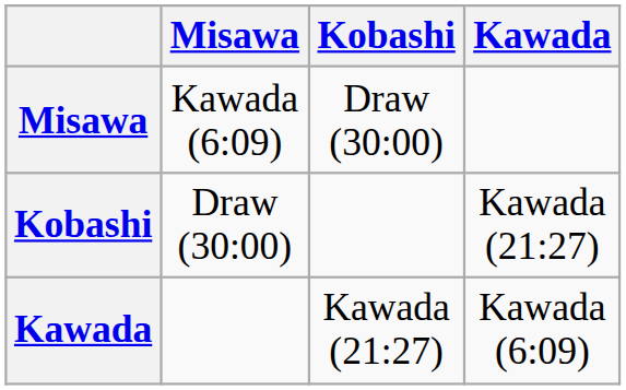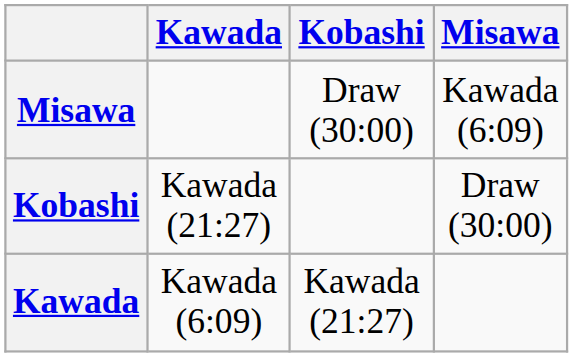 <table class="wikitable" style="margin: 1em auto 1em auto; text-align:center;">
 <tr>
 <th></th>
+<th><a href='#'>Kawada</a></th>
+<th><a href='#'>Kobashi</a></th>
 <th><a href='#'>Misawa</a></th>
-<th><a href='#'>Kobashi</a></th>
-<th><a href='#'>Kawada</a></th>
 </tr>
 <tr>
 <th><a href='#'>Misawa</a></th>
+<td></td>
+<td>Draw<br>(30:00)</td>
 <td>Kawada<br>(6:09)</td>
-<td>Draw<br>(30:00)</td>
-<td></td>
 </tr>
 <tr>
 <th><a href='#'>Kobashi</a></th>
+<td>Kawada<br>(21:27)</td>
+<td></td>
 <td>Draw<br>(30:00)</td>
-<td></td>
-<td>Kawada<br>(21:27)</td>
 </tr>
 <tr>
 <th><a href='#'>Kawada</a></th>
+<td>Kawada<br>(6:09)</td>
+<td>Kawada<br>(21:27)</td>
 <td></td>
-<td>Kawada<br>(21:27)</td>
-<td>Kawada<br>(6:09)</td>
 </tr>
 </table>
